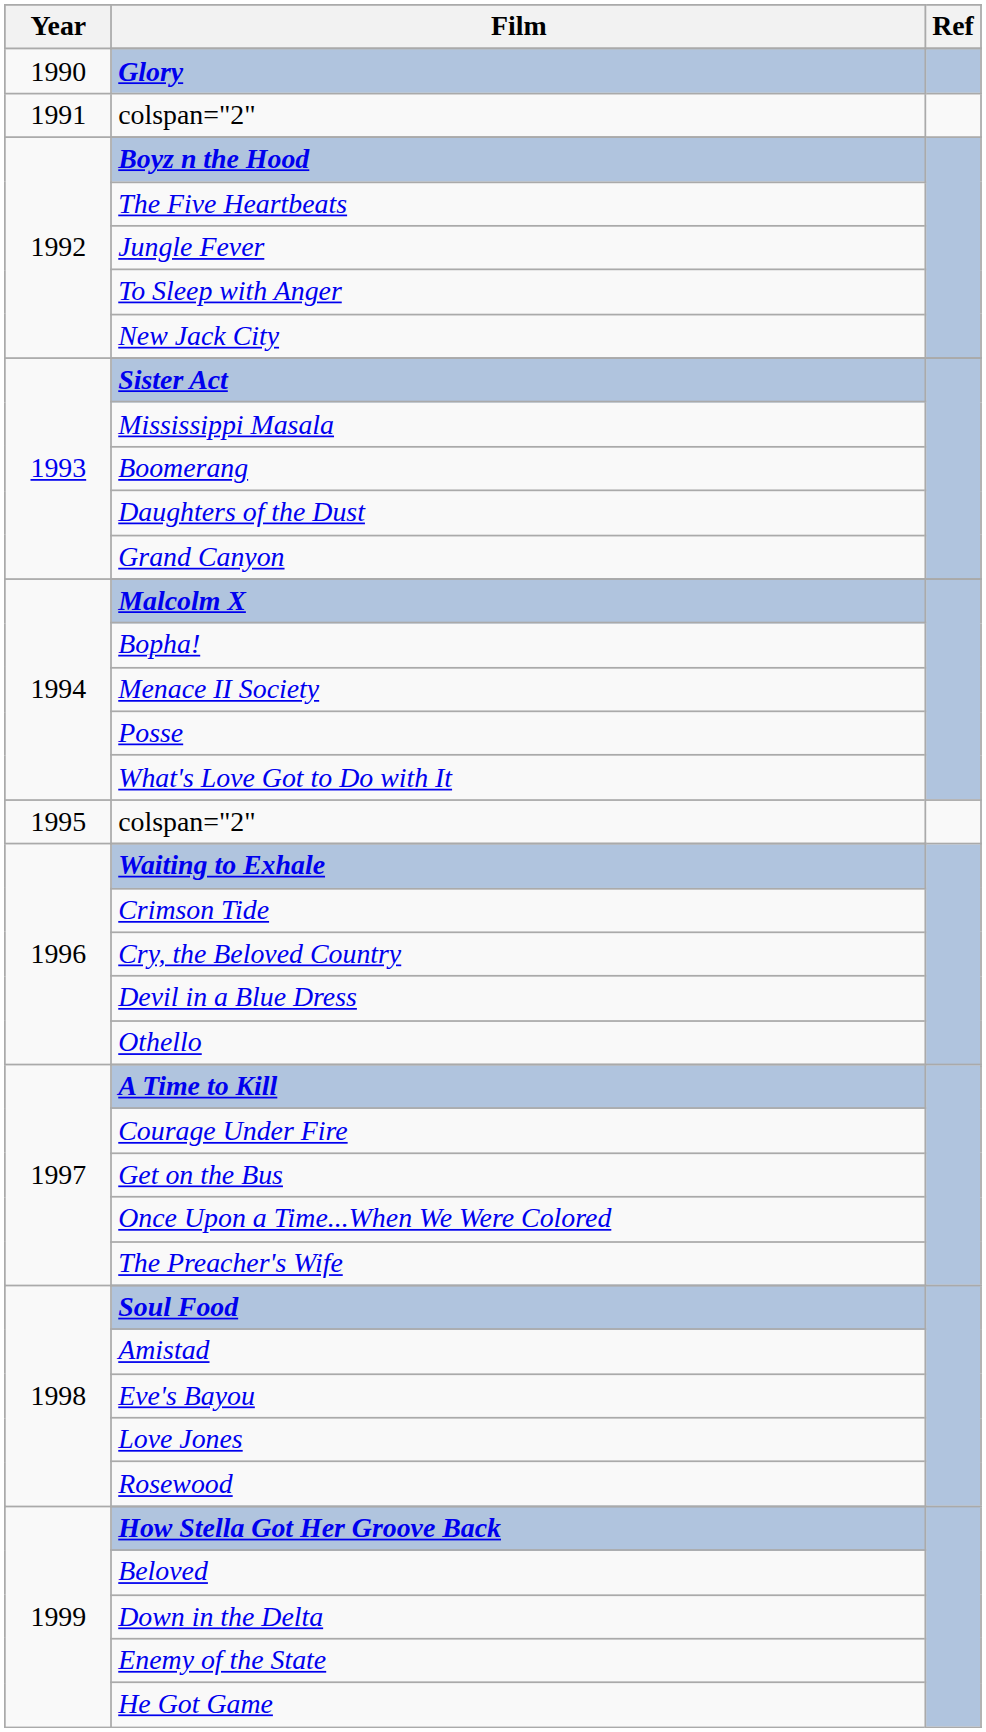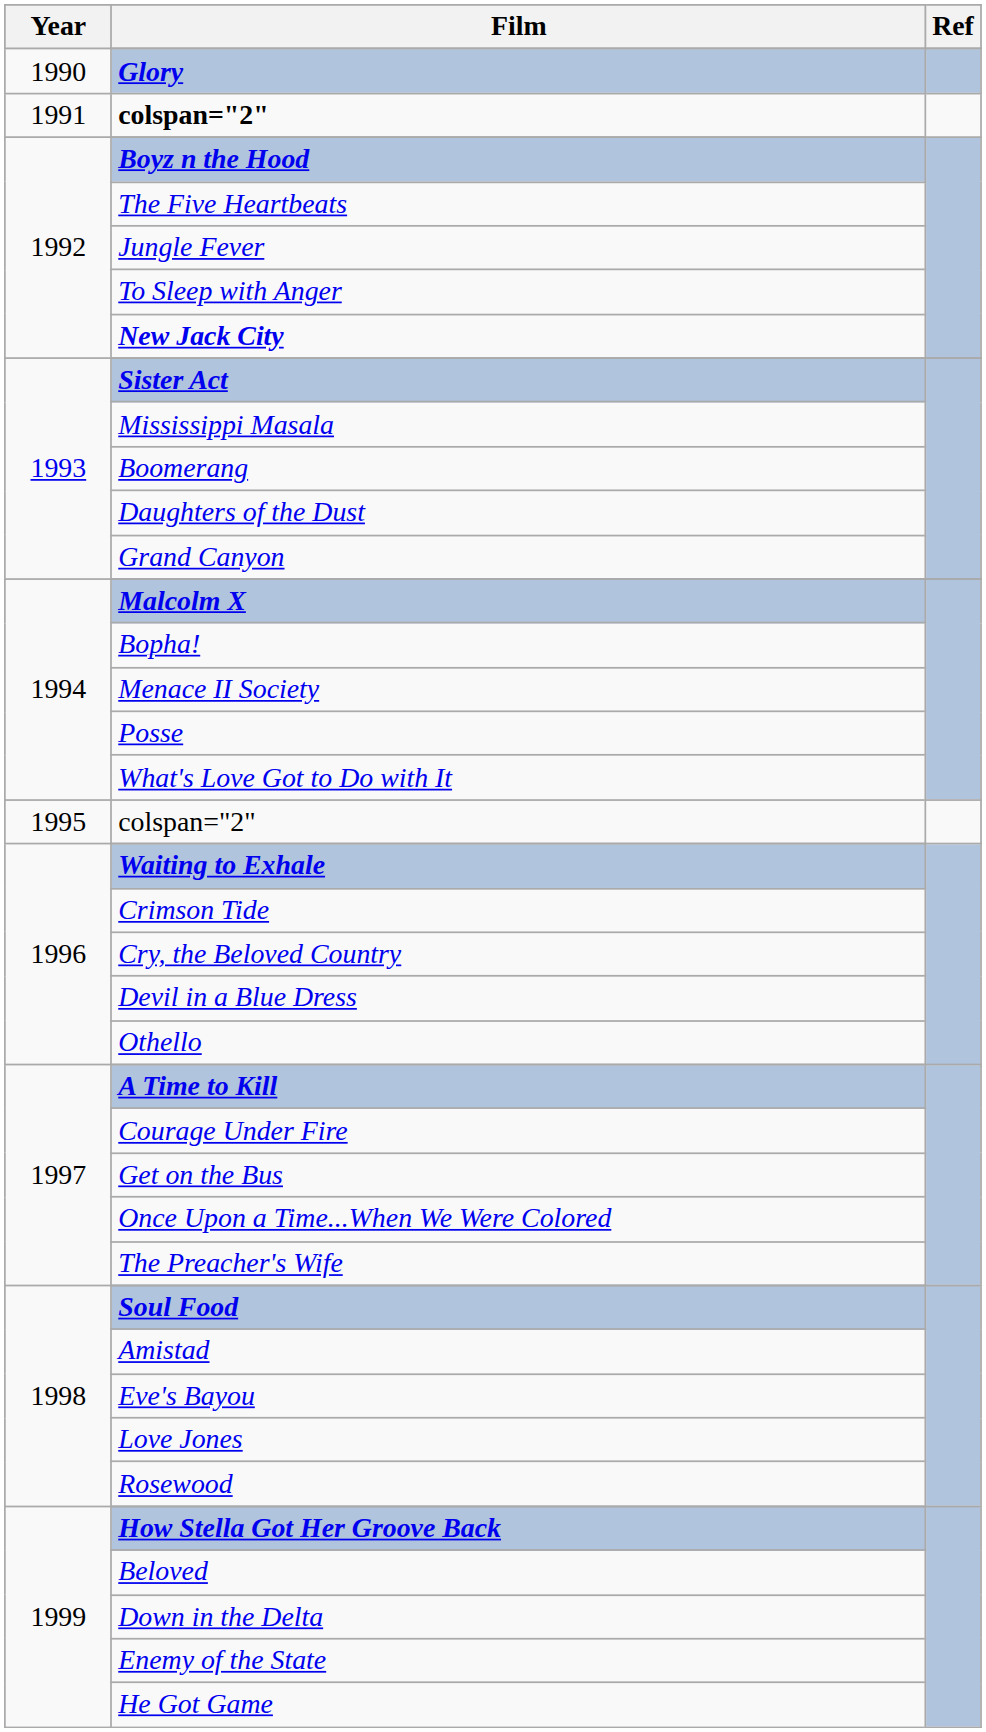 <table class="wikitable" style="width:90%;">
 <tr style="background:#bebebe;">
 <th style="width:11%;">Year</th>
 <th style="width:84%;">Film</th>
 <th style="width:5%;">Ref</th>
 </tr>
 <tr>
 <td rowspan="2" align="center">1990</td>
 </tr>
 <tr style="background:#B0C4DE">
 <td><strong><em><a href='#'>Glory</a></em></strong></td>
 <td align="center"></td>
 </tr>
 <tr>
 <td align="center">1991</td>
-<td>colspan="2" </td>
+<td><strong>colspan="2" </strong></td>
 </tr>
 <tr>
 <td rowspan="6" align="center">1992</td>
 </tr>
 <tr style="background:#B0C4DE">
 <td><strong><em><a href='#'>Boyz n the Hood</a></em></strong></td>
 <td rowspan="5" align="center"></td>
 </tr>
 <tr>
 <td><em><a href='#'>The Five Heartbeats</a></em></td>
 </tr>
 <tr>
 <td><em><a href='#'>Jungle Fever</a></em></td>
 </tr>
 <tr>
 <td><em><a href='#'>To Sleep with Anger</a></em></td>
 </tr>
 <tr>
-<td><em><a href='#'>New Jack City</a></em></td>
+<td><strong><em><a href='#'>New Jack City</a></em></strong></td>
 </tr>
 <tr>
 <td rowspan="6" align="center"><a href='#'>1993</a></td>
 </tr>
 <tr style="background:#B0C4DE">
 <td><strong><em><a href='#'>Sister Act</a></em></strong></td>
 <td rowspan="5" align="center"></td>
 </tr>
 <tr>
 <td><em><a href='#'>Mississippi Masala</a></em></td>
 </tr>
 <tr>
 <td><em><a href='#'>Boomerang</a></em></td>
 </tr>
 <tr>
 <td><em><a href='#'>Daughters of the Dust</a></em></td>
 </tr>
 <tr>
 <td><em><a href='#'>Grand Canyon</a></em></td>
 </tr>
 <tr>
 <td rowspan="6" align="center">1994</td>
 </tr>
 <tr style="background:#B0C4DE">
 <td><strong><em><a href='#'>Malcolm X</a></em></strong></td>
 <td rowspan="5" align="center"></td>
 </tr>
 <tr>
 <td><em><a href='#'>Bopha!</a></em></td>
 </tr>
 <tr>
 <td><em><a href='#'>Menace II Society</a></em></td>
 </tr>
 <tr>
 <td><em><a href='#'>Posse</a></em></td>
 </tr>
 <tr>
 <td><em><a href='#'>What's Love Got to Do with It</a></em></td>
 </tr>
 <tr>
 <td align="center">1995</td>
 <td>colspan="2" </td>
 </tr>
 <tr>
 <td rowspan="6" align="center">1996</td>
 </tr>
 <tr style="background:#B0C4DE">
 <td><strong><em><a href='#'>Waiting to Exhale</a></em></strong></td>
 <td rowspan="6" align="center"></td>
 </tr>
 <tr>
 <td><em><a href='#'>Crimson Tide</a></em></td>
 </tr>
 <tr>
 <td><em><a href='#'>Cry, the Beloved Country</a></em></td>
 </tr>
 <tr>
 <td><em><a href='#'>Devil in a Blue Dress</a></em></td>
 </tr>
 <tr>
 <td><em><a href='#'>Othello</a></em></td>
 </tr>
 <tr>
 <td rowspan="6" align="center">1997</td>
 </tr>
 <tr style="background:#B0C4DE">
 <td><strong><em><a href='#'>A Time to Kill</a></em></strong></td>
 <td rowspan="6" align="center"></td>
 </tr>
 <tr>
 <td><em><a href='#'>Courage Under Fire</a></em></td>
 </tr>
 <tr>
 <td><em><a href='#'>Get on the Bus</a></em></td>
 </tr>
 <tr>
 <td><em><a href='#'>Once Upon a Time...When We Were Colored</a></em></td>
 </tr>
 <tr>
 <td><em><a href='#'>The Preacher's Wife</a></em></td>
 </tr>
 <tr>
 <td rowspan="6" align="center">1998</td>
 </tr>
 <tr style="background:#B0C4DE">
 <td><strong><em><a href='#'>Soul Food</a></em></strong></td>
 <td rowspan="6" align="center"></td>
 </tr>
 <tr>
 <td><em><a href='#'>Amistad</a></em></td>
 </tr>
 <tr>
 <td><em><a href='#'>Eve's Bayou</a></em></td>
 </tr>
 <tr>
 <td><em><a href='#'>Love Jones</a></em></td>
 </tr>
 <tr>
 <td><em><a href='#'>Rosewood</a></em></td>
 </tr>
 <tr>
 <td rowspan="6" align="center">1999</td>
 </tr>
 <tr style="background:#B0C4DE">
 <td><strong><em><a href='#'>How Stella Got Her Groove Back</a></em></strong></td>
 <td rowspan="6" align="center"></td>
 </tr>
 <tr>
 <td><em><a href='#'>Beloved</a></em></td>
 </tr>
 <tr>
 <td><em><a href='#'>Down in the Delta</a></em></td>
 </tr>
 <tr>
 <td><em><a href='#'>Enemy of the State</a></em></td>
 </tr>
 <tr>
 <td><em><a href='#'>He Got Game</a></em></td>
 </tr>
 </table>
